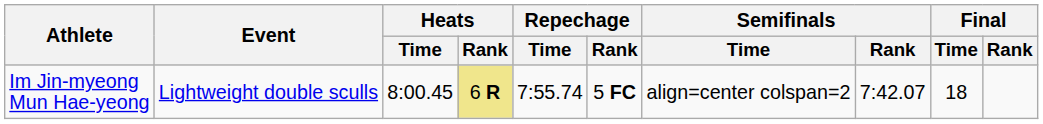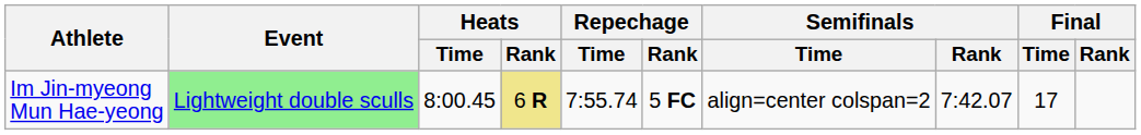 <table class="wikitable" style="font-size:90%;">
 <tr>
 <th rowspan="2">Athlete</th>
 <th rowspan="2">Event</th>
 <th colspan="2">Heats</th>
 <th colspan="2">Repechage</th>
 <th colspan="2">Semifinals</th>
 <th colspan="2">Final</th>
 </tr>
 <tr style="font-size:95%">
 <th>Time</th>
 <th>Rank</th>
 <th>Time</th>
 <th>Rank</th>
 <th>Time</th>
 <th>Rank</th>
 <th>Time</th>
 <th>Rank</th>
 </tr>
 <tr align=center>
 <td align=left><a href='#'>Im Jin-myeong</a><br> <a href='#'>Mun Hae-yeong</a></td>
-<td align=left><a href='#'>Lightweight double sculls</a></td>
+<td align=left style="background: lightgreen;"><a href='#'>Lightweight double sculls</a></td>
 <td align=center>8:00.45</td>
 <td align=center style="background: khaki;">6 <strong>R</strong></td>
 <td align=center>7:55.74</td>
 <td align=center>5 <strong>FC</strong></td>
 <td>align=center colspan=2 </td>
 <td align=center>7:42.07</td>
-<td align=center>18</td>
+<td align=center>17</td>
 </tr>
 </table>
